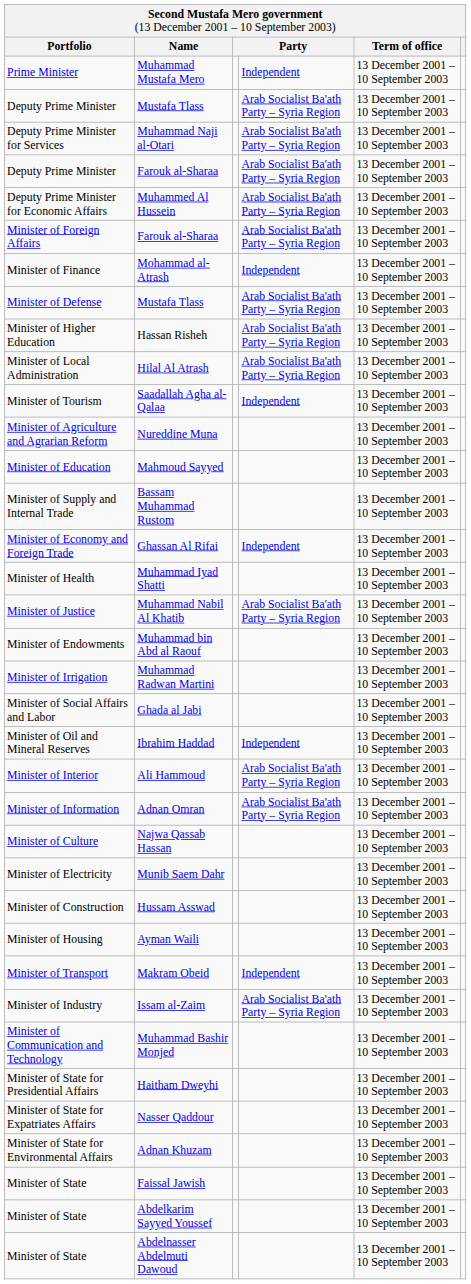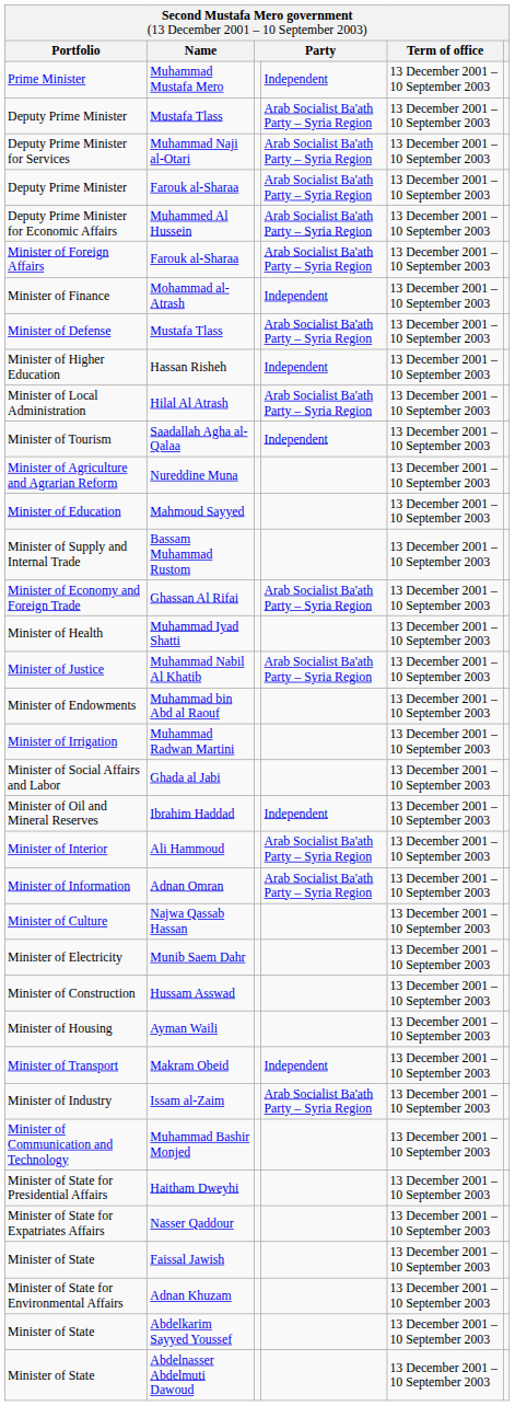 <table class="wikitable" style="font-size:97%;">
 <tr>
 <td colspan="6" bgcolor="#F2F2F2" align="center"><strong>Second Mustafa Mero government</strong> <br>(13 December 2001 – 10 September 2003)</td>
 </tr>
 <tr>
 <th>Portfolio</th>
 <th>Name</th>
 <th colspan="2">Party</th>
 <th>Term of office</th>
 <th></th>
 </tr>
 <tr>
 <td><a href='#'>Prime Minister</a></td>
 <td><a href='#'>Muhammad Mustafa Mero</a></td>
 <td width="1" style="background-color:"></td>
 <td><a href='#'>Independent</a></td>
 <td>13 December 2001 – 10 September 2003</td>
 <td></td>
 </tr>
 <tr>
 <td>Deputy Prime Minister</td>
 <td><a href='#'>Mustafa Tlass</a></td>
 <td width="1" style="background-color:"></td>
 <td><a href='#'>Arab Socialist Ba'ath Party – Syria Region</a></td>
 <td>13 December 2001 – 10 September 2003</td>
 <td></td>
 </tr>
 <tr>
 <td>Deputy Prime Minister for Services</td>
 <td><a href='#'>Muhammad Naji al-Otari</a></td>
 <td width="1" style="background-color:"></td>
 <td><a href='#'>Arab Socialist Ba'ath Party – Syria Region</a></td>
 <td>13 December 2001 – 10 September 2003</td>
 <td></td>
 </tr>
 <tr>
 <td>Deputy Prime Minister</td>
 <td><a href='#'>Farouk al-Sharaa</a></td>
 <td width="1" style="background-color:"></td>
 <td><a href='#'>Arab Socialist Ba'ath Party – Syria Region</a></td>
 <td>13 December 2001 – 10 September 2003</td>
 <td></td>
 </tr>
 <tr>
 <td>Deputy Prime Minister for Economic Affairs</td>
 <td><a href='#'>Muhammed Al Hussein</a></td>
 <td width="1" style="background-color:"></td>
 <td><a href='#'>Arab Socialist Ba'ath Party – Syria Region</a></td>
 <td>13 December 2001 – 10 September 2003</td>
 <td></td>
 </tr>
 <tr>
 <td><a href='#'>Minister of Foreign Affairs</a></td>
 <td><a href='#'>Farouk al-Sharaa</a></td>
 <td width="1" style="background-color:"></td>
 <td><a href='#'>Arab Socialist Ba'ath Party – Syria Region</a></td>
 <td>13 December 2001 – 10 September 2003</td>
 <td></td>
 </tr>
 <tr>
 <td>Minister of Finance</td>
 <td><a href='#'>Mohammad al-Atrash</a></td>
 <td width="1" style="background-color:"></td>
 <td><a href='#'>Independent</a></td>
 <td>13 December 2001 – 10 September 2003</td>
 <td></td>
 </tr>
 <tr>
 <td><a href='#'>Minister of Defense</a></td>
 <td><a href='#'>Mustafa Tlass</a></td>
 <td width="1" style="background-color:"></td>
 <td><a href='#'>Arab Socialist Ba'ath Party – Syria Region</a></td>
 <td>13 December 2001 – 10 September 2003</td>
 <td></td>
 </tr>
 <tr>
 <td>Minister of Higher Education</td>
 <td>Hassan Risheh</td>
 <td width="1" style="background-color:"></td>
-<td><a href='#'>Arab Socialist Ba'ath Party – Syria Region</a></td>
+<td><a href='#'>Independent</a></td>
 <td>13 December 2001 – 10 September 2003</td>
 <td></td>
 </tr>
 <tr>
 <td>Minister of Local Administration</td>
 <td><a href='#'>Hilal Al Atrash</a></td>
 <td width="1" style="background-color:"></td>
 <td><a href='#'>Arab Socialist Ba'ath Party – Syria Region</a></td>
 <td>13 December 2001 – 10 September 2003</td>
 <td></td>
 </tr>
 <tr>
 <td>Minister of Tourism</td>
 <td><a href='#'>Saadallah Agha al-Qalaa</a></td>
 <td width="1" style="background-color:"></td>
 <td><a href='#'>Independent</a></td>
 <td>13 December 2001 – 10 September 2003</td>
 <td></td>
 </tr>
 <tr>
 <td><a href='#'>Minister of Agriculture and Agrarian Reform</a></td>
 <td><a href='#'>Nureddine Muna</a></td>
 <td></td>
 <td></td>
 <td>13 December 2001 – 10 September 2003</td>
 <td></td>
 </tr>
 <tr>
 <td><a href='#'>Minister of Education</a></td>
 <td><a href='#'>Mahmoud Sayyed</a></td>
 <td></td>
 <td></td>
 <td>13 December 2001 – 10 September 2003</td>
 <td></td>
 </tr>
 <tr>
 <td>Minister of Supply and Internal Trade</td>
 <td><a href='#'>Bassam Muhammad Rustom</a></td>
 <td></td>
 <td></td>
 <td>13 December 2001 – 10 September 2003</td>
 <td></td>
 </tr>
 <tr>
 <td><a href='#'>Minister of Economy and Foreign Trade</a></td>
 <td><a href='#'>Ghassan Al Rifai</a></td>
 <td width="1" style="background-color:"></td>
-<td><a href='#'>Independent</a></td>
+<td><a href='#'>Arab Socialist Ba'ath Party – Syria Region</a></td>
 <td>13 December 2001 – 10 September 2003</td>
 <td></td>
 </tr>
 <tr>
 <td>Minister of Health</td>
 <td><a href='#'>Muhammad Iyad Shatti</a></td>
 <td></td>
 <td></td>
 <td>13 December 2001 – 10 September 2003</td>
 <td></td>
 </tr>
 <tr>
 <td><a href='#'>Minister of Justice</a></td>
 <td><a href='#'>Muhammad Nabil Al Khatib</a></td>
 <td width="1" style="background-color:"></td>
 <td><a href='#'>Arab Socialist Ba'ath Party – Syria Region</a></td>
 <td>13 December 2001 – 10 September 2003</td>
 <td></td>
 </tr>
 <tr>
 <td>Minister of Endowments</td>
 <td><a href='#'>Muhammad bin Abd al Raouf</a></td>
 <td></td>
 <td></td>
 <td>13 December 2001 – 10 September 2003</td>
 <td></td>
 </tr>
 <tr>
 <td><a href='#'>Minister of Irrigation</a></td>
 <td><a href='#'>Muhammad Radwan Martini</a></td>
 <td></td>
 <td></td>
 <td>13 December 2001 – 10 September 2003</td>
 <td></td>
 </tr>
 <tr>
 <td>Minister of Social Affairs and Labor</td>
 <td><a href='#'>Ghada al Jabi</a></td>
 <td></td>
 <td></td>
 <td>13 December 2001 – 10 September 2003</td>
 <td></td>
 </tr>
 <tr>
 <td>Minister of Oil and Mineral Reserves</td>
 <td><a href='#'>Ibrahim Haddad</a></td>
 <td width="1" style="background-color:"></td>
 <td><a href='#'>Independent</a></td>
 <td>13 December 2001 – 10 September 2003</td>
 <td></td>
 </tr>
 <tr>
 <td><a href='#'>Minister of Interior</a></td>
 <td><a href='#'>Ali Hammoud</a></td>
 <td width="1" style="background-color:"></td>
 <td><a href='#'>Arab Socialist Ba'ath Party – Syria Region</a></td>
 <td>13 December 2001 – 10 September 2003</td>
 <td></td>
 </tr>
 <tr>
 <td><a href='#'>Minister of Information</a></td>
 <td><a href='#'>Adnan Omran</a></td>
 <td width="1" style="background-color:"></td>
 <td><a href='#'>Arab Socialist Ba'ath Party – Syria Region</a></td>
 <td>13 December 2001 – 10 September 2003</td>
 <td></td>
 </tr>
 <tr>
 <td><a href='#'>Minister of Culture</a></td>
 <td><a href='#'>Najwa Qassab Hassan</a></td>
 <td></td>
 <td></td>
 <td>13 December 2001 – 10 September 2003</td>
 <td></td>
 </tr>
 <tr>
 <td>Minister of Electricity</td>
 <td><a href='#'>Munib Saem Dahr</a></td>
 <td></td>
 <td></td>
 <td>13 December 2001 – 10 September 2003</td>
 <td></td>
 </tr>
 <tr>
 <td>Minister of Construction</td>
 <td><a href='#'>Hussam Asswad</a></td>
 <td></td>
 <td></td>
 <td>13 December 2001 – 10 September 2003</td>
 <td></td>
 </tr>
 <tr>
 <td>Minister of Housing</td>
 <td><a href='#'>Ayman Waili</a></td>
 <td></td>
 <td></td>
 <td>13 December 2001 – 10 September 2003</td>
 <td></td>
 </tr>
 <tr>
 <td><a href='#'>Minister of Transport</a></td>
 <td><a href='#'>Makram Obeid</a></td>
 <td width="1" style="background-color:"></td>
 <td><a href='#'>Independent</a></td>
 <td>13 December 2001 – 10 September 2003</td>
 <td></td>
 </tr>
 <tr>
 <td>Minister of Industry</td>
 <td><a href='#'>Issam al-Zaim</a></td>
 <td width="1" style="background-color:"></td>
 <td><a href='#'>Arab Socialist Ba'ath Party – Syria Region</a></td>
 <td>13 December 2001 – 10 September 2003</td>
 <td></td>
 </tr>
 <tr>
 <td><a href='#'>Minister of Communication and Technology</a></td>
 <td><a href='#'>Muhammad Bashir Monjed</a></td>
 <td></td>
 <td></td>
 <td>13 December 2001 – 10 September 2003</td>
 <td></td>
 </tr>
 <tr>
 <td>Minister of State for Presidential Affairs</td>
 <td><a href='#'>Haitham Dweyhi</a></td>
 <td></td>
 <td></td>
 <td>13 December 2001 – 10 September 2003</td>
 <td></td>
 </tr>
 <tr>
 <td>Minister of State for Expatriates Affairs</td>
 <td><a href='#'>Nasser Qaddour</a></td>
 <td></td>
 <td></td>
 <td>13 December 2001 – 10 September 2003</td>
 <td></td>
 </tr>
 <tr>
-<td>Minister of State for Environmental Affairs</td>
-<td><a href='#'>Adnan Khuzam</a></td>
+<td>Minister of State</td>
+<td><a href='#'>Faissal Jawish</a></td>
 <td></td>
 <td></td>
 <td>13 December 2001 – 10 September 2003</td>
 <td></td>
 </tr>
 <tr>
-<td>Minister of State</td>
-<td><a href='#'>Faissal Jawish</a></td>
+<td>Minister of State for Environmental Affairs</td>
+<td><a href='#'>Adnan Khuzam</a></td>
 <td></td>
 <td></td>
 <td>13 December 2001 – 10 September 2003</td>
 <td></td>
 </tr>
 <tr>
 <td>Minister of State</td>
 <td><a href='#'>Abdelkarim Sayyed Youssef</a></td>
 <td></td>
 <td></td>
 <td>13 December 2001 – 10 September 2003</td>
 <td></td>
 </tr>
 <tr>
 <td>Minister of State</td>
 <td><a href='#'>Abdelnasser Abdelmuti Dawoud</a></td>
 <td></td>
 <td></td>
 <td>13 December 2001 – 10 September 2003</td>
 <td></td>
 </tr>
 </table>
